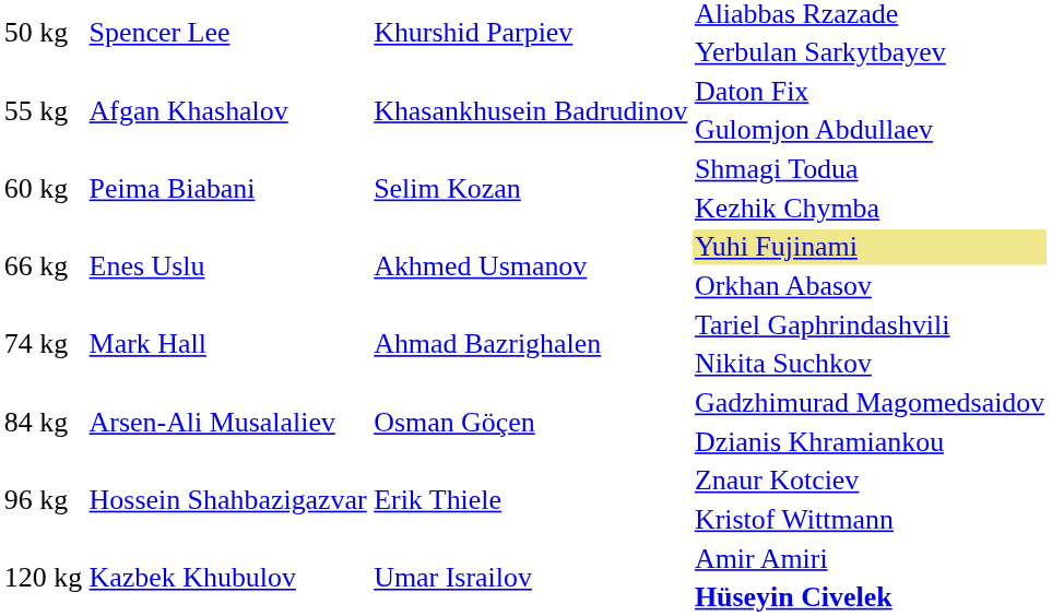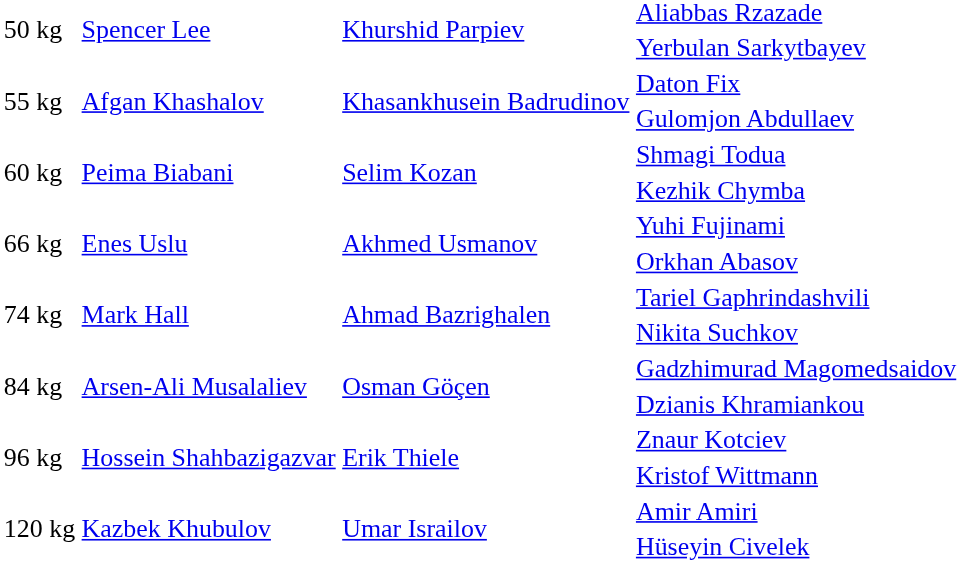 <table>
 <tr>
 <td rowspan=2>50 kg</td>
 <td rowspan=2> <a href='#'>Spencer Lee</a></td>
 <td rowspan=2> <a href='#'>Khurshid Parpiev</a></td>
 <td> <a href='#'>Aliabbas Rzazade</a></td>
 </tr>
 <tr>
 <td><a href='#'>Yerbulan Sarkytbayev</a></td>
 </tr>
 <tr>
 <td rowspan=2>55 kg</td>
 <td rowspan=2> <a href='#'>Afgan Khashalov</a></td>
 <td rowspan=2> <a href='#'>Khasankhusein Badrudinov</a></td>
 <td> <a href='#'>Daton Fix</a></td>
 </tr>
 <tr>
 <td> <a href='#'>Gulomjon Abdullaev</a></td>
 </tr>
 <tr>
 <td rowspan=2>60 kg</td>
 <td rowspan=2> <a href='#'>Peima Biabani</a></td>
 <td rowspan=2> <a href='#'>Selim Kozan</a></td>
 <td> <a href='#'>Shmagi Todua</a></td>
 </tr>
 <tr>
 <td> <a href='#'>Kezhik Chymba</a></td>
 </tr>
 <tr>
 <td rowspan=2>66 kg</td>
 <td rowspan=2> <a href='#'>Enes Uslu</a></td>
 <td rowspan=2> <a href='#'>Akhmed Usmanov</a></td>
-<td style="background: khaki;"> <a href='#'>Yuhi Fujinami</a></td>
+<td> <a href='#'>Yuhi Fujinami</a></td>
 </tr>
 <tr>
 <td> <a href='#'>Orkhan Abasov</a></td>
 </tr>
 <tr>
 <td rowspan=2>74 kg</td>
 <td rowspan=2> <a href='#'>Mark Hall</a></td>
 <td rowspan=2> <a href='#'>Ahmad Bazrighalen</a></td>
 <td> <a href='#'>Tariel Gaphrindashvili</a></td>
 </tr>
 <tr>
 <td> <a href='#'>Nikita Suchkov</a></td>
 </tr>
 <tr>
 <td rowspan=2>84 kg</td>
 <td rowspan=2> <a href='#'>Arsen-Ali Musalaliev</a></td>
 <td rowspan=2> <a href='#'>Osman Göçen</a></td>
 <td> <a href='#'>Gadzhimurad Magomedsaidov</a></td>
 </tr>
 <tr>
 <td> <a href='#'>Dzianis Khramiankou</a></td>
 </tr>
 <tr>
 <td rowspan=2>96 kg</td>
 <td rowspan=2> <a href='#'>Hossein Shahbazigazvar</a></td>
 <td rowspan=2> <a href='#'>Erik Thiele</a></td>
 <td> <a href='#'>Znaur Kotciev</a></td>
 </tr>
 <tr>
 <td> <a href='#'>Kristof Wittmann</a></td>
 </tr>
 <tr>
 <td rowspan=2>120 kg</td>
 <td rowspan=2> <a href='#'>Kazbek Khubulov</a></td>
 <td rowspan=2> <a href='#'>Umar Israilov</a></td>
 <td> <a href='#'>Amir Amiri</a></td>
 </tr>
 <tr>
-<td><strong> <a href='#'>Hüseyin Civelek</a></strong></td>
+<td> <a href='#'>Hüseyin Civelek</a></td>
 </tr>
 </table>
